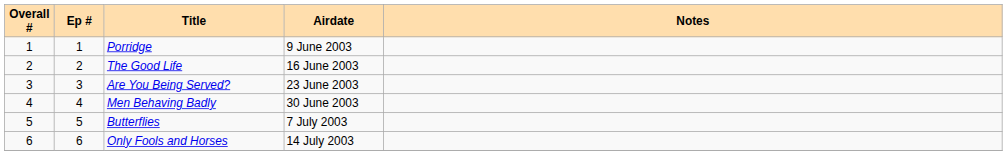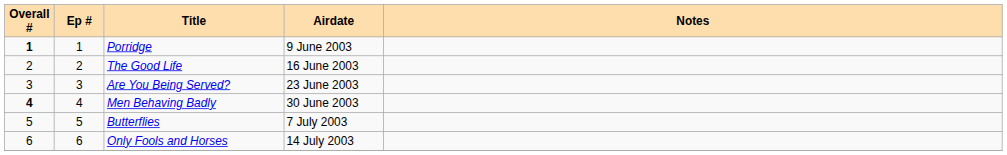 <table class="wikitable" border=1 width="100%" style="font-size: 94%">
 <tr>
 <th style="background:#ffdead" width=5%>Overall #</th>
 <th style="background:#ffdead" width=5%>Ep #</th>
 <th style="background:#ffdead" width=18%>Title</th>
 <th style="background:#ffdead" width=10%>Airdate</th>
 <th style="background:#ffdead">Notes</th>
 </tr>
 <tr>
-<td align="center">1</td>
+<td align="center"><strong>1</strong></td>
 <td align="center">1</td>
 <td><em><a href='#'>Porridge</a></em></td>
 <td>9 June 2003</td>
 <td></td>
 </tr>
 <tr>
 <td align="center">2</td>
 <td align="center">2</td>
 <td><em><a href='#'>The Good Life</a></em></td>
 <td>16 June 2003</td>
 <td></td>
 </tr>
 <tr>
 <td align="center">3</td>
 <td align="center">3</td>
 <td><em><a href='#'>Are You Being Served?</a></em></td>
 <td>23 June 2003</td>
 <td></td>
 </tr>
 <tr>
-<td align="center">4</td>
+<td align="center"><strong>4</strong></td>
 <td align="center">4</td>
 <td><em><a href='#'>Men Behaving Badly</a></em></td>
 <td>30 June 2003</td>
 <td></td>
 </tr>
 <tr>
 <td align="center">5</td>
 <td align="center">5</td>
 <td><em><a href='#'>Butterflies</a></em></td>
 <td>7 July 2003</td>
 <td></td>
 </tr>
 <tr>
 <td align="center">6</td>
 <td align="center">6</td>
 <td><em><a href='#'>Only Fools and Horses</a></em></td>
 <td>14 July 2003</td>
 <td></td>
 </tr>
 <tr>
 </tr>
 </table>
